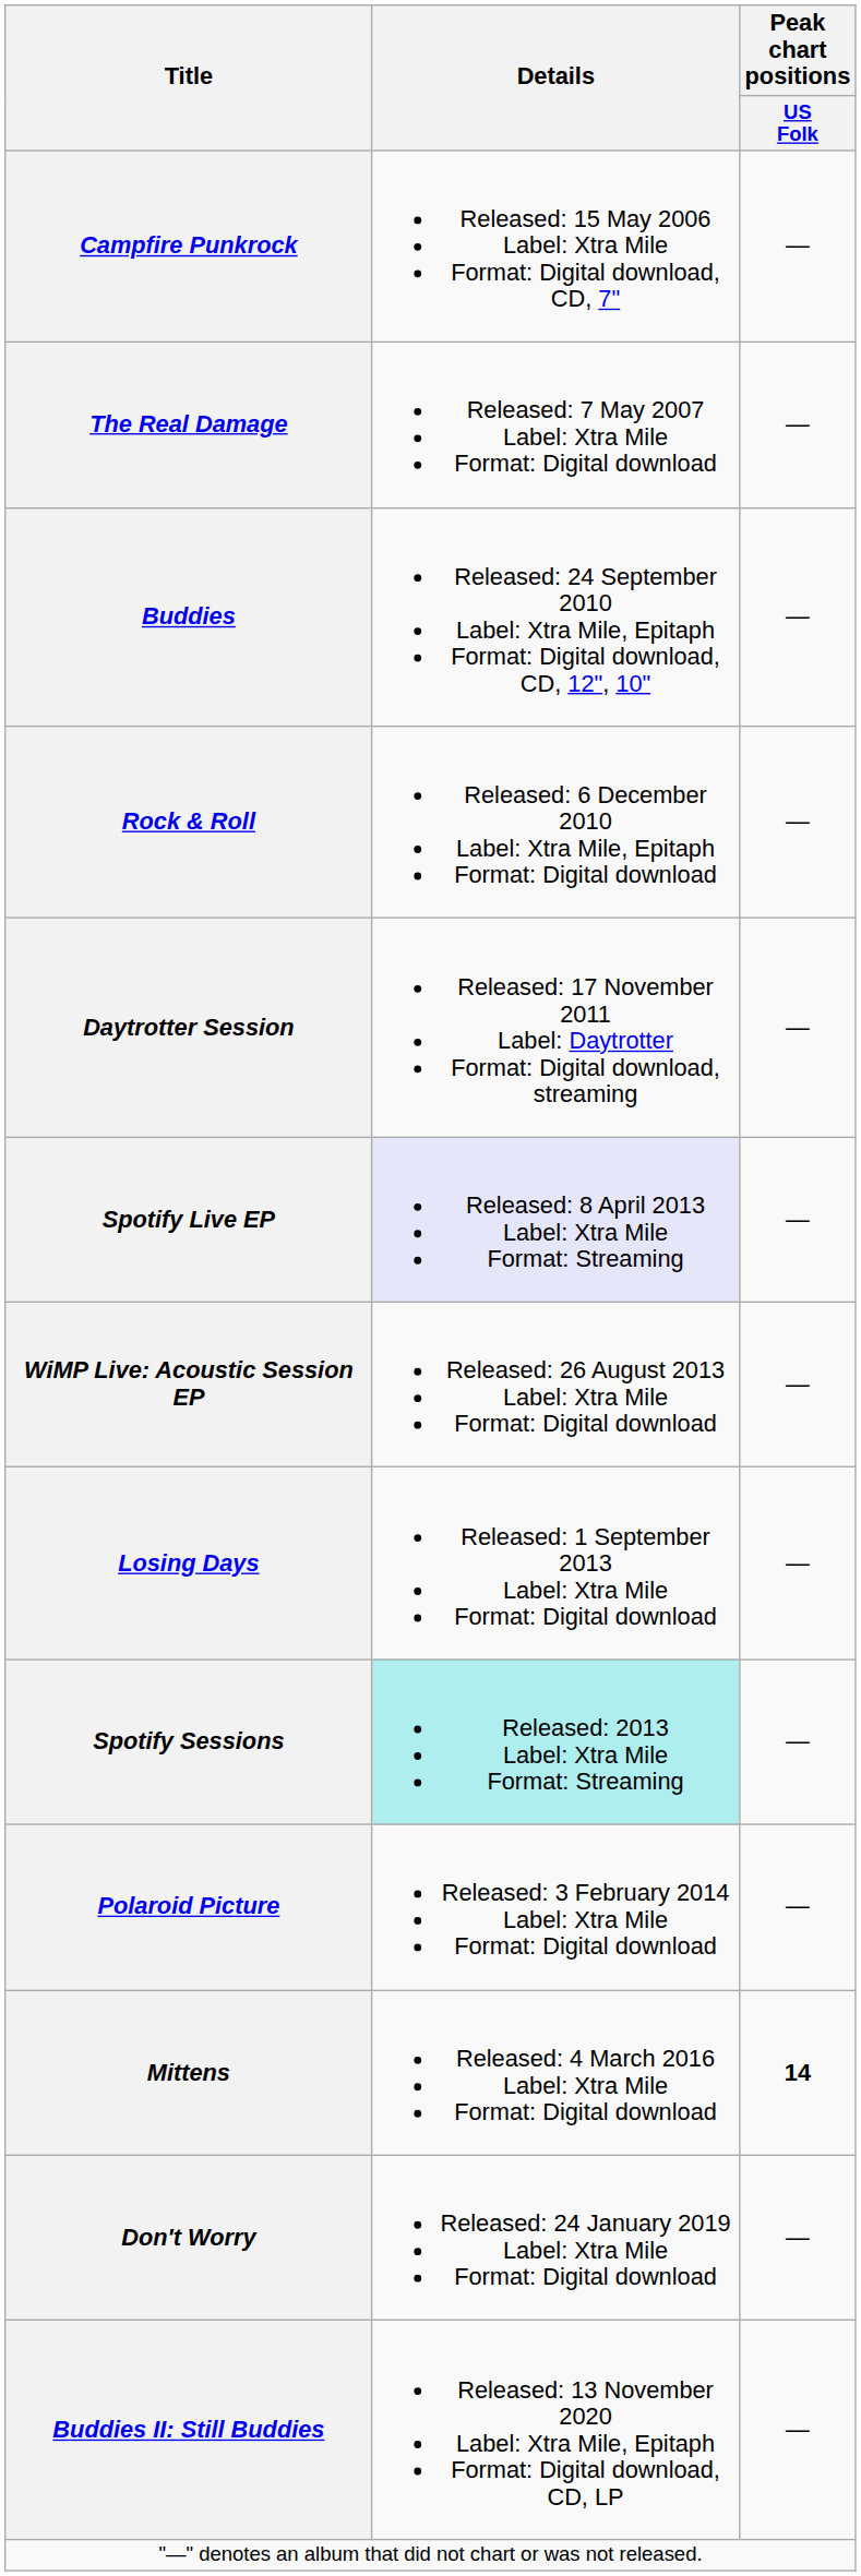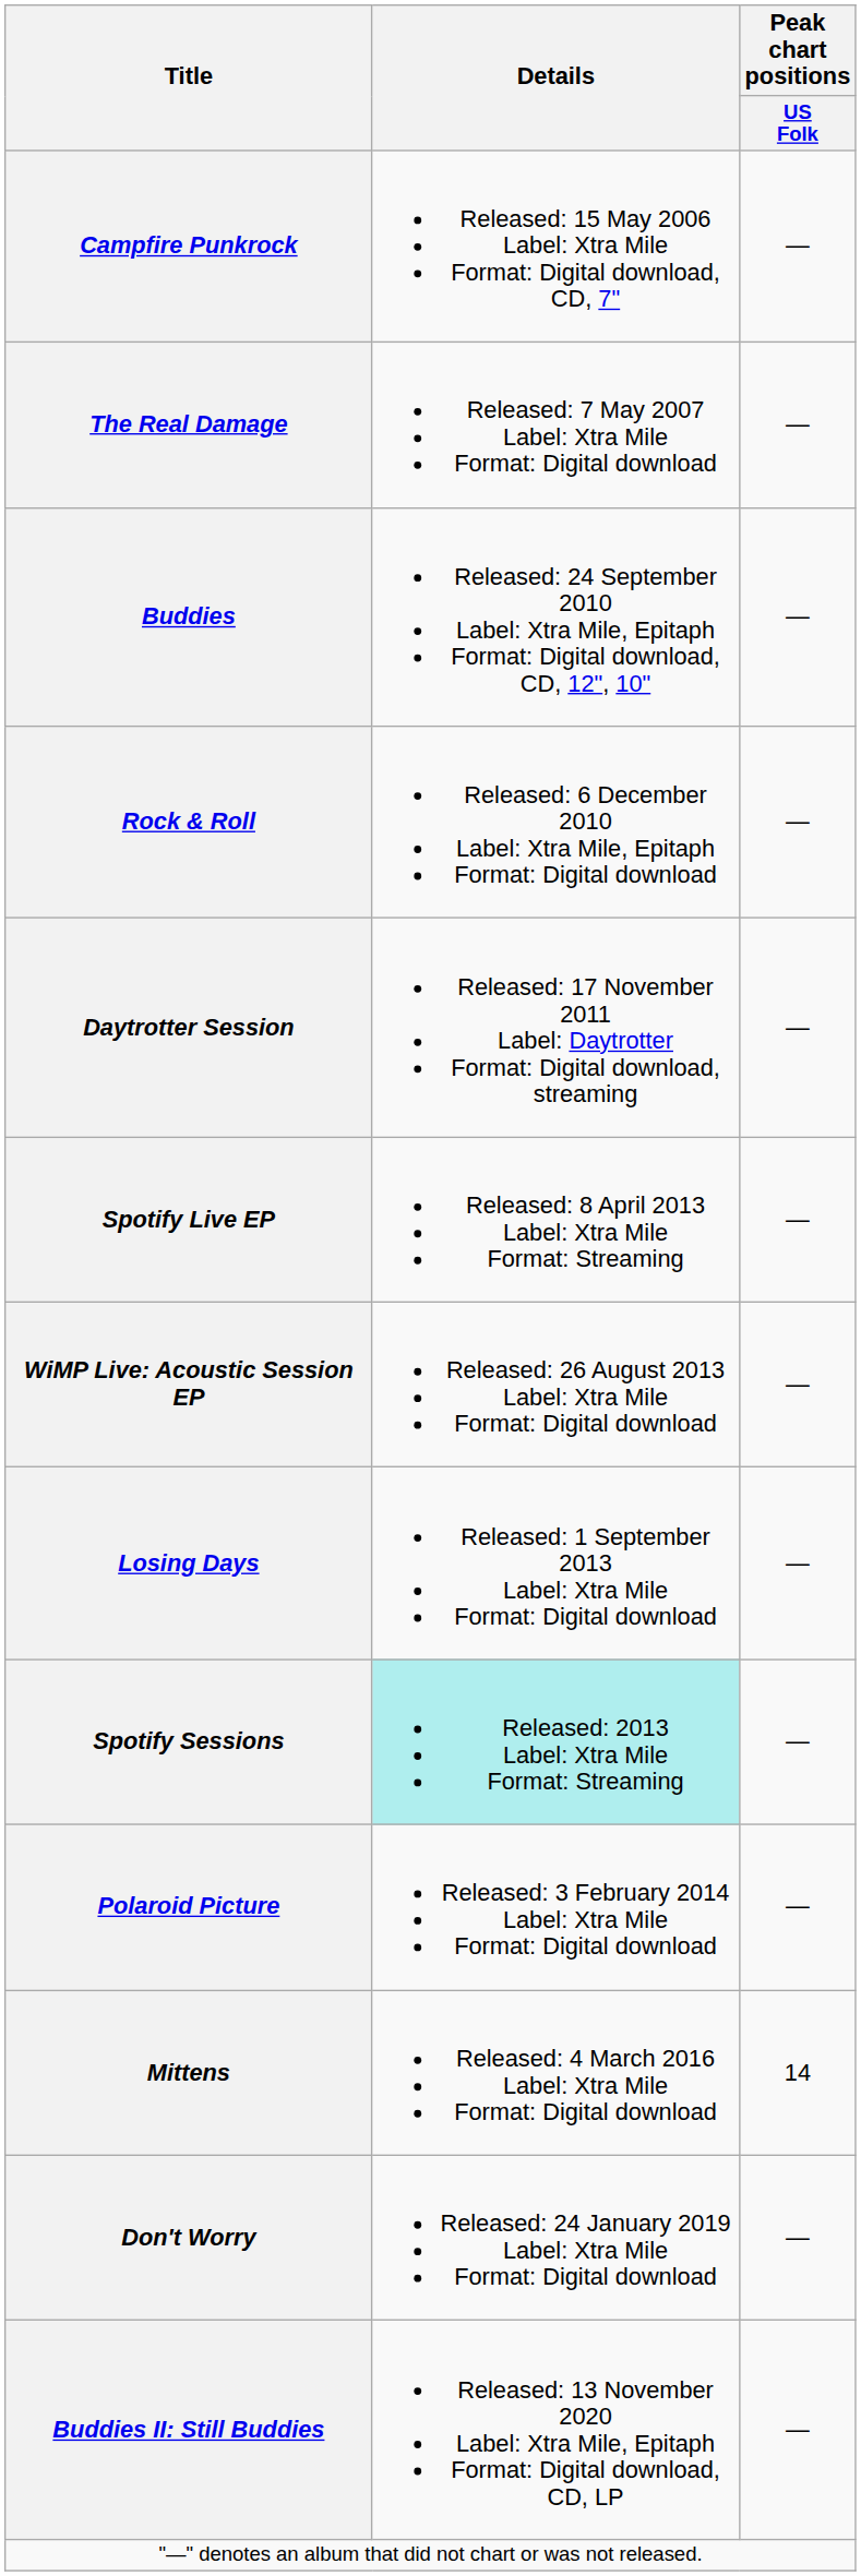 <table class="wikitable plainrowheaders" style="text-align:center;">
 <tr>
 <th scope="col" rowspan="2" style="width:15em;">Title</th>
 <th scope="col" rowspan="2" style="width:15em;">Details</th>
 <th scope="col" colspan="1">Peak chart positions</th>
 </tr>
 <tr>
 <th scope="col" style="width:3em;font-size:85%;"><a href='#'>US<br>Folk</a><br></th>
 </tr>
 <tr>
 <th scope="row"><em><a href='#'>Campfire Punkrock</a></em></th>
 <td><br><ul><li>Released: 15 May 2006</li><li>Label: Xtra Mile</li><li>Format: Digital download, CD, <a href='#'>7"</a></li></ul></td>
 <td>—</td>
 </tr>
 <tr>
 <th scope="row"><em><a href='#'>The Real Damage</a></em></th>
 <td><br><ul><li>Released: 7 May 2007</li><li>Label: Xtra Mile</li><li>Format: Digital download</li></ul></td>
 <td>—</td>
 </tr>
 <tr>
 <th scope="row"><em><a href='#'>Buddies</a></em><br></th>
 <td><br><ul><li>Released: 24 September 2010</li><li>Label: Xtra Mile, Epitaph</li><li>Format: Digital download, CD, <a href='#'>12"</a>, <a href='#'>10"</a></li></ul></td>
 <td>—</td>
 </tr>
 <tr>
 <th scope="row"><em><a href='#'>Rock & Roll</a></em></th>
 <td><br><ul><li>Released: 6 December 2010</li><li>Label: Xtra Mile, Epitaph</li><li>Format: Digital download</li></ul></td>
 <td>—</td>
 </tr>
 <tr>
 <th scope="row"><em>Daytrotter Session</em></th>
 <td><br><ul><li>Released: 17 November 2011</li><li>Label: <a href='#'>Daytrotter</a></li><li>Format: Digital download, streaming</li></ul></td>
 <td>—</td>
 </tr>
 <tr>
 <th scope="row"><em>Spotify Live EP</em></th>
-<td style="background: lavender;"><br><ul><li>Released: 8 April 2013</li><li>Label: Xtra Mile</li><li>Format: Streaming</li></ul></td>
+<td><br><ul><li>Released: 8 April 2013</li><li>Label: Xtra Mile</li><li>Format: Streaming</li></ul></td>
 <td>—</td>
 </tr>
 <tr>
 <th scope="row"><em>WiMP Live: Acoustic Session EP</em></th>
 <td><br><ul><li>Released: 26 August 2013</li><li>Label: Xtra Mile</li><li>Format: Digital download</li></ul></td>
 <td>—</td>
 </tr>
 <tr>
 <th scope="row"><em><a href='#'>Losing Days</a></em></th>
 <td><br><ul><li>Released: 1 September 2013</li><li>Label: Xtra Mile</li><li>Format: Digital download</li></ul></td>
 <td>—</td>
 </tr>
 <tr>
 <th scope="row"><em>Spotify Sessions</em></th>
 <td style="background: paleturquoise;"><br><ul><li>Released: 2013</li><li>Label: Xtra Mile</li><li>Format: Streaming</li></ul></td>
 <td>—</td>
 </tr>
 <tr>
 <th scope="row"><em><a href='#'>Polaroid Picture</a></em></th>
 <td><br><ul><li>Released: 3 February 2014</li><li>Label: Xtra Mile</li><li>Format: Digital download</li></ul></td>
 <td>—</td>
 </tr>
 <tr>
 <th scope="row"><em>Mittens</em></th>
 <td><br><ul><li>Released: 4 March 2016</li><li>Label: Xtra Mile</li><li>Format: Digital download</li></ul></td>
-<td><strong>14</strong></td>
+<td>14</td>
 </tr>
 <tr>
 <th scope="row"><em>Don't Worry</em></th>
 <td><br><ul><li>Released: 24 January 2019</li><li>Label: Xtra Mile</li><li>Format: Digital download</li></ul></td>
 <td>—</td>
 </tr>
 <tr>
 <th scope="row"><em><a href='#'>Buddies II: Still Buddies</a></em><br></th>
 <td><br><ul><li>Released: 13 November 2020</li><li>Label: Xtra Mile, Epitaph</li><li>Format: Digital download, CD, LP</li></ul></td>
 <td>—</td>
 </tr>
 <tr>
 <td colspan="20" style="text-align:center; font-size:85%;">"—" denotes an album that did not chart or was not released.</td>
 </tr>
 </table>
